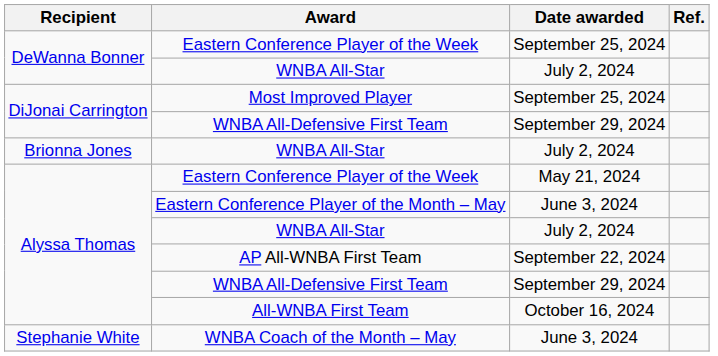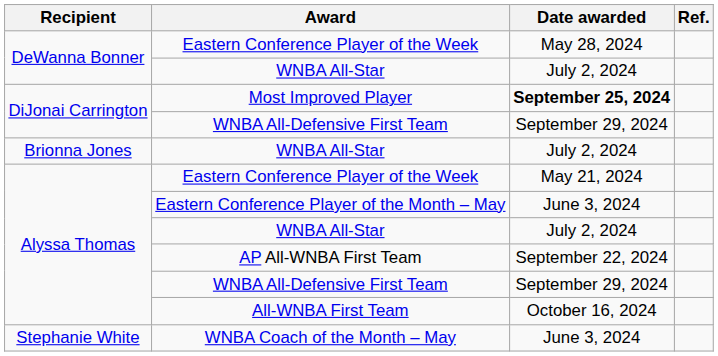 <table class="wikitable sortable sortable" style="text-align: center">
 <tr>
 <th>Recipient</th>
 <th>Award</th>
 <th>Date awarded</th>
 <th>Ref.</th>
 </tr>
 <tr>
 <td rowspan=2><a href='#'>DeWanna Bonner</a></td>
 <td><a href='#'>Eastern Conference Player of the Week</a></td>
-<td>September 25, 2024</td>
+<td>May 28, 2024</td>
 <td></td>
 </tr>
 <tr>
 <td><a href='#'>WNBA All-Star</a></td>
 <td>July 2, 2024</td>
 <td></td>
 </tr>
 <tr>
 <td rowspan=2><a href='#'>DiJonai Carrington</a></td>
 <td><a href='#'>Most Improved Player</a></td>
-<td>September 25, 2024</td>
+<td><strong>September 25, 2024</strong></td>
 <td></td>
 </tr>
 <tr>
 <td><a href='#'>WNBA All-Defensive First Team</a></td>
 <td>September 29, 2024</td>
 <td></td>
 </tr>
 <tr>
 <td><a href='#'>Brionna Jones</a></td>
 <td><a href='#'>WNBA All-Star</a></td>
 <td>July 2, 2024</td>
 <td></td>
 </tr>
 <tr>
 <td rowspan=6><a href='#'>Alyssa Thomas</a></td>
 <td><a href='#'>Eastern Conference Player of the Week</a></td>
 <td>May 21, 2024</td>
 <td></td>
 </tr>
 <tr>
 <td><a href='#'>Eastern Conference Player of the Month – May</a></td>
 <td>June 3, 2024</td>
 <td></td>
 </tr>
 <tr>
 <td><a href='#'>WNBA All-Star</a></td>
 <td>July 2, 2024</td>
 <td></td>
 </tr>
 <tr>
 <td><a href='#'>AP</a> All-WNBA First Team</td>
 <td>September 22, 2024</td>
 <td></td>
 </tr>
 <tr>
 <td><a href='#'>WNBA All-Defensive First Team</a></td>
 <td>September 29, 2024</td>
 <td></td>
 </tr>
 <tr>
 <td><a href='#'>All-WNBA First Team</a></td>
 <td>October 16, 2024</td>
 <td></td>
 </tr>
 <tr>
 <td><a href='#'>Stephanie White</a></td>
 <td><a href='#'>WNBA Coach of the Month – May</a></td>
 <td>June 3, 2024</td>
 <td></td>
 </tr>
 </table>
